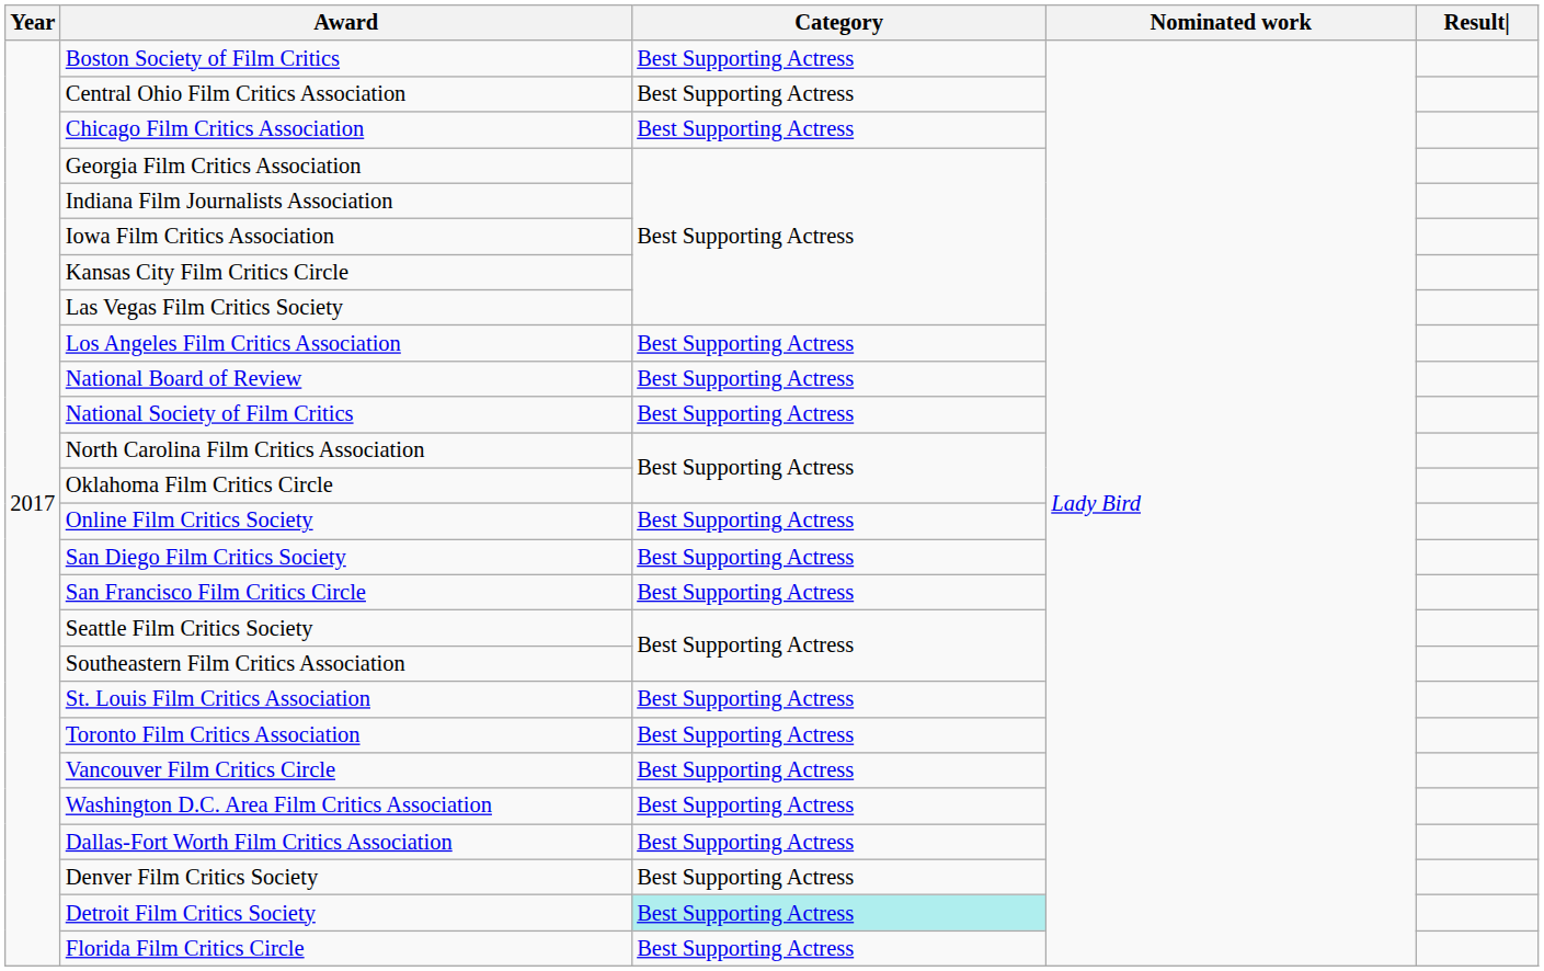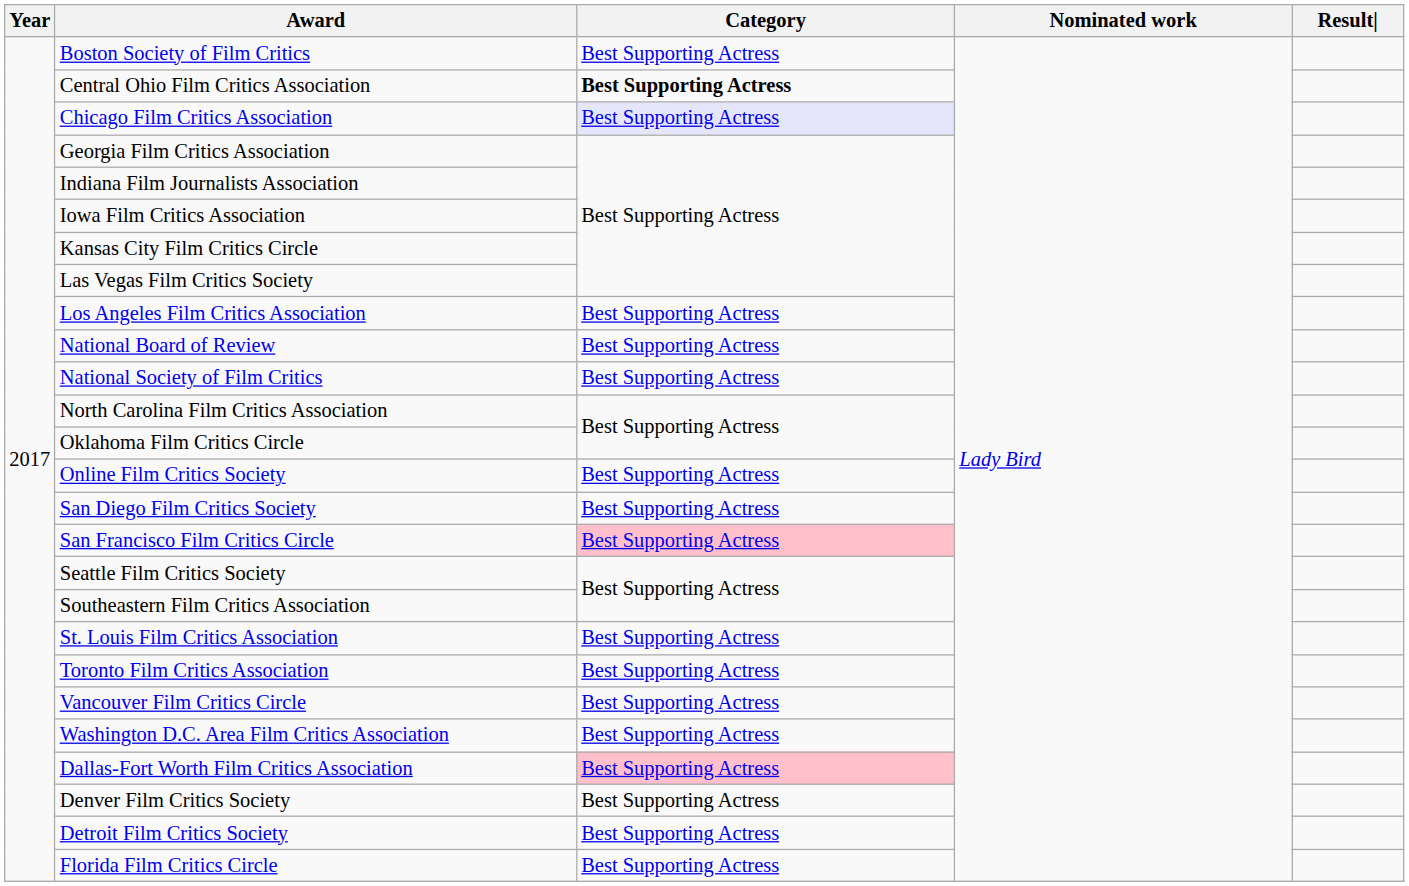 <table class=wikitable>
 <tr>
 <th scope="col" style="width:2em;">Year</th>
 <th scope="col" style="width:25em;">Award</th>
 <th scope="col" style="width:18em;">Category</th>
 <th scope="col" style="width:16em;">Nominated work</th>
 <th scope="col" style="width:5em;">Result|</th>
 </tr>
 <tr>
 <td rowspan="26">2017</td>
 <td><a href='#'>Boston Society of Film Critics</a></td>
 <td><a href='#'>Best Supporting Actress</a></td>
 <td rowspan="26"><em><a href='#'>Lady Bird</a></em></td>
 <td></td>
 </tr>
 <tr>
 <td>Central Ohio Film Critics Association</td>
-<td>Best Supporting Actress</td>
+<td><strong>Best Supporting Actress</strong></td>
 <td></td>
 </tr>
 <tr>
 <td><a href='#'>Chicago Film Critics Association</a></td>
-<td><a href='#'>Best Supporting Actress</a></td>
+<td style="background: lavender;"><a href='#'>Best Supporting Actress</a></td>
 <td></td>
 </tr>
 <tr>
 <td>Georgia Film Critics Association</td>
 <td rowspan="5">Best Supporting Actress</td>
 <td></td>
 </tr>
 <tr>
 <td>Indiana Film Journalists Association</td>
 <td></td>
 </tr>
 <tr>
 <td>Iowa Film Critics Association</td>
 <td></td>
 </tr>
 <tr>
 <td>Kansas City Film Critics Circle</td>
 <td></td>
 </tr>
 <tr>
 <td>Las Vegas Film Critics Society</td>
 <td></td>
 </tr>
 <tr>
 <td><a href='#'>Los Angeles Film Critics Association</a></td>
 <td><a href='#'>Best Supporting Actress</a></td>
 <td></td>
 </tr>
 <tr>
 <td><a href='#'>National Board of Review</a></td>
 <td><a href='#'>Best Supporting Actress</a></td>
 <td></td>
 </tr>
 <tr>
 <td><a href='#'>National Society of Film Critics</a></td>
 <td><a href='#'>Best Supporting Actress</a></td>
 <td></td>
 </tr>
 <tr>
 <td>North Carolina Film Critics Association</td>
 <td rowspan="2">Best Supporting Actress</td>
 <td></td>
 </tr>
 <tr>
 <td>Oklahoma Film Critics Circle</td>
 <td></td>
 </tr>
 <tr>
 <td><a href='#'>Online Film Critics Society</a></td>
 <td><a href='#'>Best Supporting Actress</a></td>
 <td></td>
 </tr>
 <tr>
 <td><a href='#'>San Diego Film Critics Society</a></td>
 <td><a href='#'>Best Supporting Actress</a></td>
 <td></td>
 </tr>
 <tr>
 <td><a href='#'>San Francisco Film Critics Circle</a></td>
-<td><a href='#'>Best Supporting Actress</a></td>
+<td style="background: pink;"><a href='#'>Best Supporting Actress</a></td>
 <td></td>
 </tr>
 <tr>
 <td>Seattle Film Critics Society</td>
 <td rowspan="2">Best Supporting Actress</td>
 <td></td>
 </tr>
 <tr>
 <td>Southeastern Film Critics Association</td>
 <td></td>
 </tr>
 <tr>
 <td><a href='#'>St. Louis Film Critics Association</a></td>
 <td><a href='#'>Best Supporting Actress</a></td>
 <td></td>
 </tr>
 <tr>
 <td><a href='#'>Toronto Film Critics Association</a></td>
 <td><a href='#'>Best Supporting Actress</a></td>
 <td></td>
 </tr>
 <tr>
 <td><a href='#'>Vancouver Film Critics Circle</a></td>
 <td><a href='#'>Best Supporting Actress</a></td>
 <td></td>
 </tr>
 <tr>
 <td><a href='#'>Washington D.C. Area Film Critics Association</a></td>
 <td><a href='#'>Best Supporting Actress</a></td>
 <td></td>
 </tr>
 <tr>
 <td><a href='#'>Dallas-Fort Worth Film Critics Association</a></td>
-<td><a href='#'>Best Supporting Actress</a></td>
+<td style="background: pink;"><a href='#'>Best Supporting Actress</a></td>
 <td></td>
 </tr>
 <tr>
 <td>Denver Film Critics Society</td>
 <td>Best Supporting Actress</td>
 <td></td>
 </tr>
 <tr>
 <td><a href='#'>Detroit Film Critics Society</a></td>
-<td style="background: paleturquoise;"><a href='#'>Best Supporting Actress</a></td>
+<td><a href='#'>Best Supporting Actress</a></td>
 <td></td>
 </tr>
 <tr>
 <td><a href='#'>Florida Film Critics Circle</a></td>
 <td><a href='#'>Best Supporting Actress</a></td>
 <td></td>
 </tr>
 <tr>
 </tr>
 </table>
